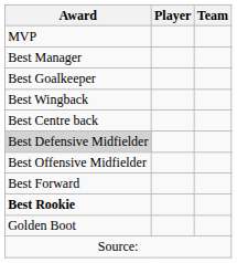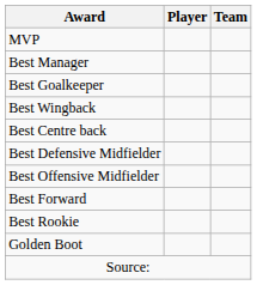 <table class="wikitable" style="text-align:left">
 <tr>
 <th>Award</th>
 <th>Player</th>
 <th>Team</th>
 </tr>
 <tr>
 <td>MVP</td>
 <td></td>
 <td></td>
 </tr>
 <tr>
 <td>Best Manager</td>
 <td></td>
 <td></td>
 </tr>
 <tr>
 <td>Best Goalkeeper</td>
 <td></td>
 <td></td>
 </tr>
 <tr>
 <td>Best Wingback</td>
 <td></td>
 <td></td>
 </tr>
 <tr>
 <td>Best Centre back</td>
 <td></td>
 <td></td>
 </tr>
 <tr>
-<td style="background: lightgrey;">Best Defensive Midfielder</td>
+<td>Best Defensive Midfielder</td>
 <td></td>
 <td></td>
 </tr>
 <tr>
 <td>Best Offensive Midfielder</td>
 <td></td>
 <td></td>
 </tr>
 <tr>
 <td>Best Forward</td>
 <td></td>
 <td></td>
 </tr>
 <tr>
-<td><strong>Best Rookie</strong></td>
+<td>Best Rookie</td>
 <td></td>
 <td></td>
 </tr>
 <tr>
 <td>Golden Boot</td>
 <td></td>
 <td></td>
 </tr>
 <tr>
 <td colspan="4" align="center">Source:</td>
 </tr>
 </table>
